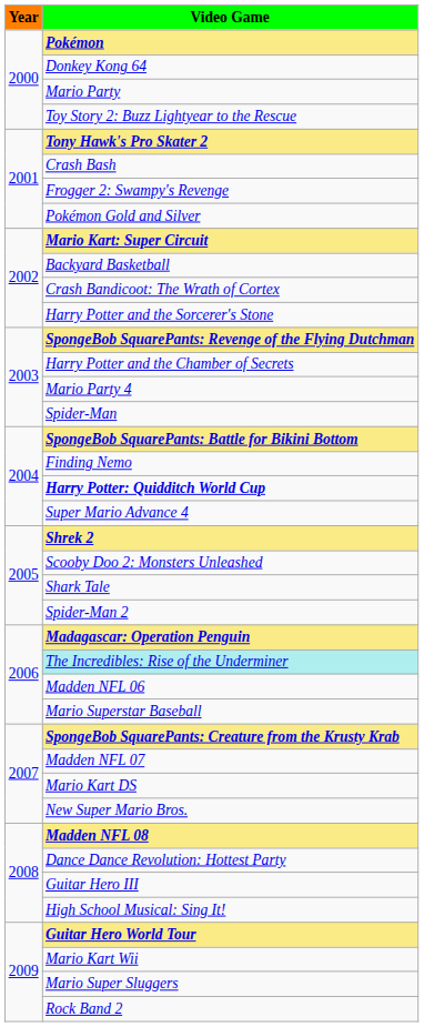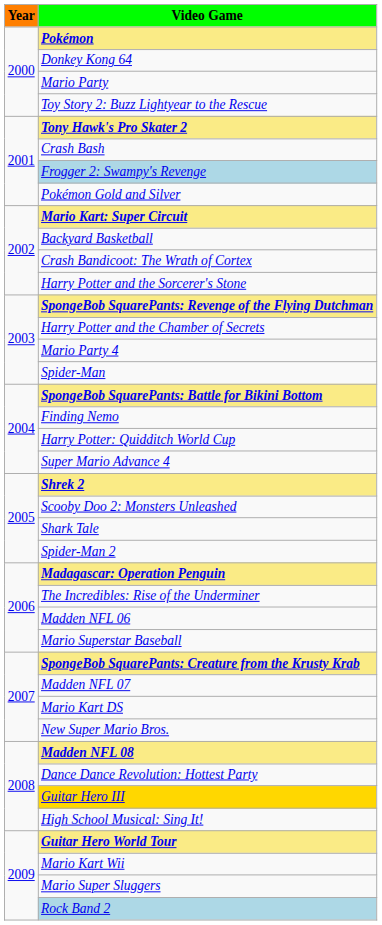 <table class="wikitable" style="font-size:90%;">
 <tr>
 <th style="background:#FF7F00;">Year</th>
 <th style="background:#00FF00;">Video Game</th>
 </tr>
 <tr>
 <td rowspan="4"><a href='#'>2000</a></td>
 <td style="background:#FAEB86;"><strong><em><a href='#'>Pokémon</a></em></strong></td>
 </tr>
 <tr>
 <td><em><a href='#'>Donkey Kong 64</a></em></td>
 </tr>
 <tr>
 <td><em><a href='#'>Mario Party</a></em></td>
 </tr>
 <tr>
 <td><em><a href='#'>Toy Story 2: Buzz Lightyear to the Rescue</a></em></td>
 </tr>
 <tr>
 <td rowspan="4"><a href='#'>2001</a></td>
 <td style="background:#FAEB86;"><strong><em><a href='#'>Tony Hawk's Pro Skater 2</a></em></strong> </td>
 </tr>
 <tr>
 <td><em><a href='#'>Crash Bash</a></em></td>
 </tr>
 <tr>
-<td><em><a href='#'>Frogger 2: Swampy's Revenge</a></em></td>
+<td style="background: lightblue;"><em><a href='#'>Frogger 2: Swampy's Revenge</a></em></td>
 </tr>
 <tr>
 <td><em><a href='#'>Pokémon Gold and Silver</a></em></td>
 </tr>
 <tr>
 <td rowspan="4"><a href='#'>2002</a></td>
 <td style="background:#FAEB86;"><strong><em><a href='#'>Mario Kart: Super Circuit</a></em></strong> </td>
 </tr>
 <tr>
 <td><em><a href='#'>Backyard Basketball</a></em></td>
 </tr>
 <tr>
 <td><em><a href='#'>Crash Bandicoot: The Wrath of Cortex</a></em></td>
 </tr>
 <tr>
 <td><em><a href='#'>Harry Potter and the Sorcerer's Stone</a></em></td>
 </tr>
 <tr>
 <td rowspan="4"><a href='#'>2003</a></td>
 <td style="background:#FAEB86;"><strong><em><a href='#'>SpongeBob SquarePants: Revenge of the Flying Dutchman</a></em></strong> </td>
 </tr>
 <tr>
 <td><em><a href='#'>Harry Potter and the Chamber of Secrets</a></em></td>
 </tr>
 <tr>
 <td><em><a href='#'>Mario Party 4</a></em></td>
 </tr>
 <tr>
 <td><em><a href='#'>Spider-Man</a></em></td>
 </tr>
 <tr>
 <td rowspan="4"><a href='#'>2004</a></td>
 <td style="background:#FAEB86;"><strong><em><a href='#'>SpongeBob SquarePants: Battle for Bikini Bottom</a></em></strong> </td>
 </tr>
 <tr>
 <td><em><a href='#'>Finding Nemo</a></em></td>
 </tr>
 <tr>
-<td><strong><em><a href='#'>Harry Potter: Quidditch World Cup</a></em></strong></td>
+<td><em><a href='#'>Harry Potter: Quidditch World Cup</a></em></td>
 </tr>
 <tr>
 <td><em><a href='#'>Super Mario Advance 4</a></em></td>
 </tr>
 <tr>
 <td rowspan="4"><a href='#'>2005</a></td>
 <td style="background:#FAEB86;"><strong><em><a href='#'>Shrek 2</a></em></strong> </td>
 </tr>
 <tr>
 <td><em><a href='#'>Scooby Doo 2: Monsters Unleashed</a></em></td>
 </tr>
 <tr>
 <td><em><a href='#'>Shark Tale</a></em></td>
 </tr>
 <tr>
 <td><em><a href='#'>Spider-Man 2</a></em></td>
 </tr>
 <tr>
 <td rowspan="4"><a href='#'>2006</a></td>
 <td style="background:#FAEB86;"><strong><em><a href='#'>Madagascar: Operation Penguin</a></em></strong> </td>
 </tr>
 <tr>
-<td style="background: paleturquoise;"><em><a href='#'>The Incredibles: Rise of the Underminer</a></em></td>
+<td><em><a href='#'>The Incredibles: Rise of the Underminer</a></em></td>
 </tr>
 <tr>
 <td><em><a href='#'>Madden NFL 06</a></em></td>
 </tr>
 <tr>
 <td><em><a href='#'>Mario Superstar Baseball</a></em></td>
 </tr>
 <tr>
 <td rowspan="4"><a href='#'>2007</a></td>
 <td style="background:#FAEB86;"><strong><em><a href='#'>SpongeBob SquarePants: Creature from the Krusty Krab</a></em></strong> </td>
 </tr>
 <tr>
 <td><em><a href='#'>Madden NFL 07</a></em></td>
 </tr>
 <tr>
 <td><em><a href='#'>Mario Kart DS</a></em></td>
 </tr>
 <tr>
 <td><em><a href='#'>New Super Mario Bros.</a></em></td>
 </tr>
 <tr>
 <td rowspan="4"><a href='#'>2008</a></td>
 <td style="background:#FAEB86;"><strong><em><a href='#'>Madden NFL 08</a></em></strong> </td>
 </tr>
 <tr>
 <td><em><a href='#'>Dance Dance Revolution: Hottest Party</a></em></td>
 </tr>
 <tr>
-<td><em><a href='#'>Guitar Hero III</a></em></td>
+<td style="background: gold;"><em><a href='#'>Guitar Hero III</a></em></td>
 </tr>
 <tr>
 <td><em><a href='#'>High School Musical: Sing It!</a></em></td>
 </tr>
 <tr>
 <td rowspan="4"><a href='#'>2009</a></td>
 <td style="background:#FAEB86;"><strong><em><a href='#'>Guitar Hero World Tour</a></em></strong> </td>
 </tr>
 <tr>
 <td><em><a href='#'>Mario Kart Wii</a></em></td>
 </tr>
 <tr>
 <td><em><a href='#'>Mario Super Sluggers</a></em></td>
 </tr>
 <tr>
-<td><em><a href='#'>Rock Band 2</a></em></td>
+<td style="background: lightblue;"><em><a href='#'>Rock Band 2</a></em></td>
 </tr>
 </table>
